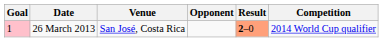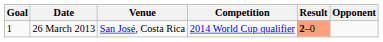 <table class="wikitable">
 <tr>
 <th>Goal</th>
 <th>Date</th>
 <th>Venue</th>
+<th>Competition</th>
+<th>Result</th>
 <th>Opponent</th>
-<th>Result</th>
-<th>Competition</th>
 </tr>
 <tr>
-<td style="background: pink;">1</td>
+<td>1</td>
 <td>26 March 2013</td>
 <td><a href='#'>San José</a>, Costa Rica</td>
+<td><a href='#'>2014 World Cup qualifier</a></td>
+<td style="background: lightsalmon;"><strong>2</strong>–0</td>
 <td></td>
-<td style="background: lightsalmon;"><strong>2</strong>–0</td>
-<td><a href='#'>2014 World Cup qualifier</a></td>
 </tr>
 </table>
